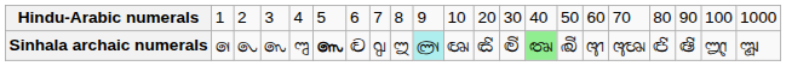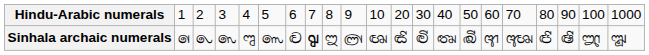 <table class="wikitable">
 <tr>
 <th>Hindu-Arabic numerals</th>
 <td>1</td>
 <td>2</td>
 <td>3</td>
 <td>4</td>
 <td>5</td>
 <td>6</td>
 <td>7</td>
 <td>8</td>
 <td>9</td>
 <td>10</td>
 <td>20</td>
 <td>30</td>
 <td>40</td>
 <td>50</td>
 <td>60</td>
 <td>70</td>
 <td>80</td>
 <td>90</td>
 <td>100</td>
 <td>1000</td>
 </tr>
 <tr>
 <th>Sinhala archaic numerals</th>
 <td>𑇡</td>
 <td>𑇢</td>
 <td>𑇣</td>
 <td>𑇤</td>
-<td><strong>𑇥</strong></td>
+<td>𑇥</td>
 <td>𑇦</td>
-<td>𑇧</td>
+<td><strong>𑇧</strong></td>
 <td>𑇨</td>
-<td style="background: paleturquoise;">𑇩</td>
+<td>𑇩</td>
 <td>𑇪</td>
 <td>𑇫</td>
 <td>𑇬</td>
-<td style="background: lightgreen;">𑇭</td>
+<td>𑇭</td>
 <td>𑇮</td>
 <td>𑇯</td>
 <td>𑇰</td>
 <td>𑇱</td>
 <td>𑇲</td>
 <td>𑇳</td>
 <td>𑇴</td>
 </tr>
 </table>
